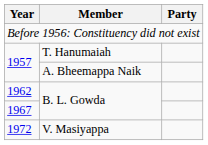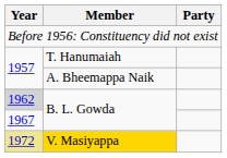 <table class="wikitable">
 <tr>
 <th>Year</th>
 <th>Member</th>
 <th colspan=2>Party</th>
 </tr>
 <tr>
 <td colspan=4><em>Before 1956: Constituency did not exist</em></td>
 </tr>
 <tr>
 <td rowspan="2"><a href='#'>1957</a></td>
 <td>T. Hanumaiah</td>
 <td></td>
 </tr>
 <tr>
 <td>A. Bheemappa Naik</td>
 </tr>
 <tr>
-<td><a href='#'>1962</a></td>
+<td style="background: lightgrey;"><a href='#'>1962</a></td>
 <td rowspan="2">B. L. Gowda</td>
 <td></td>
 </tr>
 <tr>
 <td><a href='#'>1967</a></td>
 <td></td>
 </tr>
 <tr>
-<td><a href='#'>1972</a></td>
-<td>V. Masiyappa</td>
+<td style="background: khaki;"><a href='#'>1972</a></td>
+<td style="background: gold;">V. Masiyappa</td>
 </tr>
 </table>
